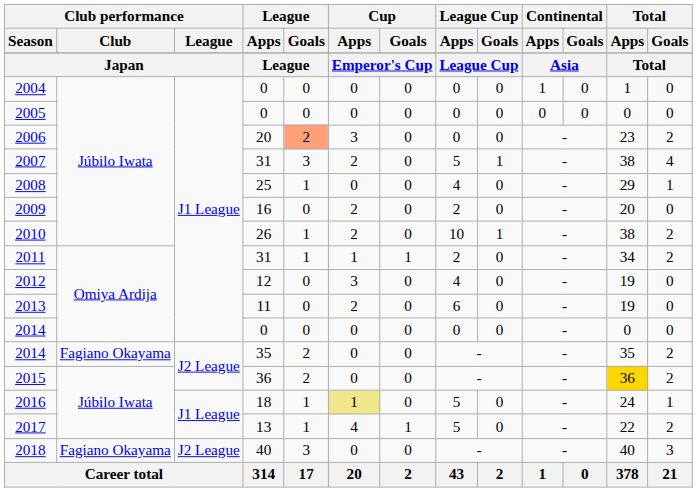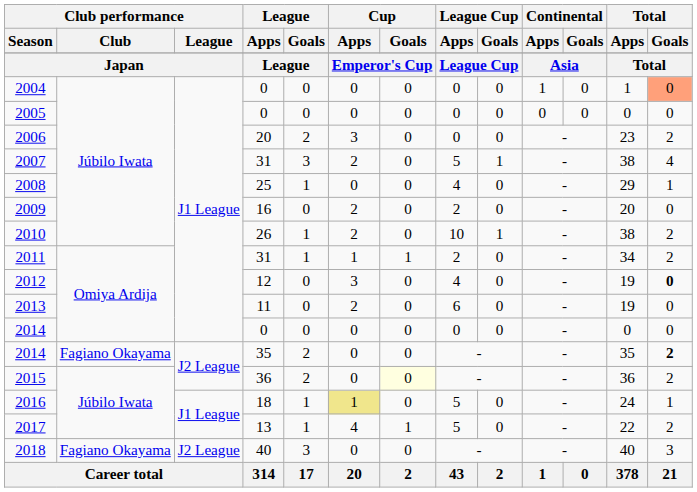 <table class="wikitable" style="text-align:center">
 <tr>
 <th colspan=3>Club performance</th>
 <th colspan=2>League</th>
 <th colspan=2>Cup</th>
 <th colspan=2>League Cup</th>
 <th colspan=2>Continental</th>
 <th colspan=2>Total</th>
 </tr>
 <tr>
 <th>Season</th>
 <th>Club</th>
 <th>League</th>
 <th>Apps</th>
 <th>Goals</th>
 <th>Apps</th>
 <th>Goals</th>
 <th>Apps</th>
 <th>Goals</th>
 <th>Apps</th>
 <th>Goals</th>
 <th>Apps</th>
 <th>Goals</th>
 </tr>
 <tr>
 </tr>
 <tr>
 <th colspan=3>Japan</th>
 <th colspan=2>League</th>
 <th colspan=2><a href='#'>Emperor's Cup</a></th>
 <th colspan=2><a href='#'>League Cup</a></th>
 <th colspan=2><a href='#'>Asia</a></th>
 <th colspan=2>Total</th>
 </tr>
 <tr>
 <td><a href='#'>2004</a></td>
 <td rowspan="7"><a href='#'>Júbilo Iwata</a></td>
 <td rowspan="11"><a href='#'>J1 League</a></td>
 <td>0</td>
 <td>0</td>
 <td>0</td>
 <td>0</td>
 <td>0</td>
 <td>0</td>
 <td>1</td>
 <td>0</td>
 <td>1</td>
-<td>0</td>
+<td style="background: lightsalmon;">0</td>
 </tr>
 <tr>
 <td><a href='#'>2005</a></td>
 <td>0</td>
 <td>0</td>
 <td>0</td>
 <td>0</td>
 <td>0</td>
 <td>0</td>
 <td>0</td>
 <td>0</td>
 <td>0</td>
 <td>0</td>
 </tr>
 <tr>
 <td><a href='#'>2006</a></td>
 <td>20</td>
-<td style="background: lightsalmon;">2</td>
+<td>2</td>
 <td>3</td>
 <td>0</td>
 <td>0</td>
 <td>0</td>
 <td colspan="2">-</td>
 <td>23</td>
 <td>2</td>
 </tr>
 <tr>
 <td><a href='#'>2007</a></td>
 <td>31</td>
 <td>3</td>
 <td>2</td>
 <td>0</td>
 <td>5</td>
 <td>1</td>
 <td colspan="2">-</td>
 <td>38</td>
 <td>4</td>
 </tr>
 <tr>
 <td><a href='#'>2008</a></td>
 <td>25</td>
 <td>1</td>
 <td>0</td>
 <td>0</td>
 <td>4</td>
 <td>0</td>
 <td colspan="2">-</td>
 <td>29</td>
 <td>1</td>
 </tr>
 <tr>
 <td><a href='#'>2009</a></td>
 <td>16</td>
 <td>0</td>
 <td>2</td>
 <td>0</td>
 <td>2</td>
 <td>0</td>
 <td colspan="2">-</td>
 <td>20</td>
 <td>0</td>
 </tr>
 <tr>
 <td><a href='#'>2010</a></td>
 <td>26</td>
 <td>1</td>
 <td>2</td>
 <td>0</td>
 <td>10</td>
 <td>1</td>
 <td colspan="2">-</td>
 <td>38</td>
 <td>2</td>
 </tr>
 <tr>
 <td><a href='#'>2011</a></td>
 <td rowspan="4"><a href='#'>Omiya Ardija</a></td>
 <td>31</td>
 <td>1</td>
 <td>1</td>
 <td>1</td>
 <td>2</td>
 <td>0</td>
 <td colspan="2">-</td>
 <td>34</td>
 <td>2</td>
 </tr>
 <tr>
 <td><a href='#'>2012</a></td>
 <td>12</td>
 <td>0</td>
 <td>3</td>
 <td>0</td>
 <td>4</td>
 <td>0</td>
 <td colspan="2">-</td>
 <td>19</td>
-<td>0</td>
+<td><strong>0</strong></td>
 </tr>
 <tr>
 <td><a href='#'>2013</a></td>
 <td>11</td>
 <td>0</td>
 <td>2</td>
 <td>0</td>
 <td>6</td>
 <td>0</td>
 <td colspan="2">-</td>
 <td>19</td>
 <td>0</td>
 </tr>
 <tr>
 <td><a href='#'>2014</a></td>
 <td>0</td>
 <td>0</td>
 <td>0</td>
 <td>0</td>
 <td>0</td>
 <td>0</td>
 <td colspan="2">-</td>
 <td>0</td>
 <td>0</td>
 </tr>
 <tr>
 <td><a href='#'>2014</a></td>
 <td><a href='#'>Fagiano Okayama</a></td>
 <td rowspan="2"><a href='#'>J2 League</a></td>
 <td>35</td>
 <td>2</td>
 <td>0</td>
 <td>0</td>
 <td colspan="2">-</td>
 <td colspan="2">-</td>
 <td>35</td>
-<td>2</td>
+<td><strong>2</strong></td>
 </tr>
 <tr>
 <td><a href='#'>2015</a></td>
 <td rowspan="3"><a href='#'>Júbilo Iwata</a></td>
 <td>36</td>
 <td>2</td>
 <td>0</td>
-<td>0</td>
+<td style="background: lightyellow;">0</td>
 <td colspan="2">-</td>
 <td colspan="2">-</td>
-<td style="background: gold;">36</td>
+<td>36</td>
 <td>2</td>
 </tr>
 <tr>
 <td><a href='#'>2016</a></td>
 <td rowspan="2"><a href='#'>J1 League</a></td>
 <td>18</td>
 <td>1</td>
 <td style="background: khaki;">1</td>
 <td>0</td>
 <td>5</td>
 <td>0</td>
 <td colspan="2">-</td>
 <td>24</td>
 <td>1</td>
 </tr>
 <tr>
 <td><a href='#'>2017</a></td>
 <td>13</td>
 <td>1</td>
 <td>4</td>
 <td>1</td>
 <td>5</td>
 <td>0</td>
 <td colspan="2">-</td>
 <td>22</td>
 <td>2</td>
 </tr>
 <tr>
 <td><a href='#'>2018</a></td>
 <td rowspan="1"><a href='#'>Fagiano Okayama</a></td>
 <td rowspan=1><a href='#'>J2 League</a></td>
 <td>40</td>
 <td>3</td>
 <td>0</td>
 <td>0</td>
 <td colspan="2">-</td>
 <td colspan="2">-</td>
 <td>40</td>
 <td>3</td>
 </tr>
 <tr>
 <th colspan=3>Career total</th>
 <th>314</th>
 <th>17</th>
 <th>20</th>
 <th>2</th>
 <th>43</th>
 <th>2</th>
 <th>1</th>
 <th>0</th>
 <th>378</th>
 <th>21</th>
 </tr>
 </table>
